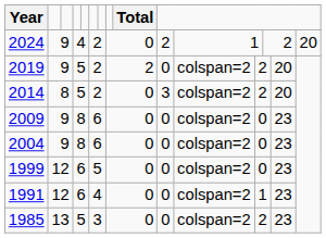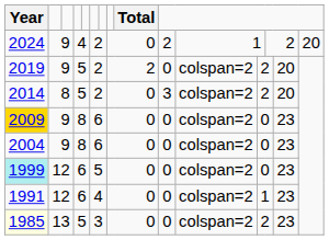 <table class="wikitable" style="text-align:right; padding-left:1em">
 <tr>
 <th align="left">Year</th>
 <td></td>
 <td></td>
 <td></td>
 <td></td>
 <td></td>
 <td></td>
 <td></td>
 <th align="left">Total</th>
 </tr>
 <tr>
 <td align=left><a href='#'>2024</a></td>
 <td colspan=2>9</td>
 <td colspan=2>4</td>
 <td colspan=2>2</td>
 <td colspan=2>0</td>
 <td colspan=2>2</td>
 <td colspan=2>1</td>
 <td colspan=2>2</td>
 <td>20</td>
 </tr>
 <tr>
 <td align=left><a href='#'>2019</a></td>
 <td colspan=2>9</td>
 <td colspan=2>5</td>
 <td colspan=2>2</td>
 <td colspan=2>2</td>
 <td colspan=2>0</td>
 <td>colspan=2 </td>
 <td colspan=2>2</td>
 <td>20</td>
 </tr>
 <tr>
 <td align=left><a href='#'>2014</a></td>
 <td colspan=2>8</td>
 <td colspan=2>5</td>
 <td colspan=2>2</td>
 <td colspan=2>0</td>
 <td colspan=2>3</td>
 <td>colspan=2 </td>
 <td colspan=2>2</td>
 <td>20</td>
 </tr>
 <tr>
-<td align=left><a href='#'>2009</a></td>
+<td align=left style="background: gold;"><a href='#'>2009</a></td>
 <td colspan=2>9</td>
 <td colspan=2>8</td>
 <td colspan=2>6</td>
 <td colspan=2>0</td>
 <td colspan=2>0</td>
 <td>colspan=2 </td>
 <td colspan=2>0</td>
 <td>23</td>
 </tr>
 <tr>
 <td align=left><a href='#'>2004</a></td>
 <td colspan=2>9</td>
 <td colspan=2>8</td>
 <td colspan=2>6</td>
 <td colspan=2>0</td>
 <td colspan=2>0</td>
 <td>colspan=2 </td>
 <td colspan=2>0</td>
 <td>23</td>
 </tr>
 <tr>
-<td align=left><a href='#'>1999</a></td>
+<td align=left style="background: paleturquoise;"><a href='#'>1999</a></td>
 <td colspan=2>12</td>
 <td colspan=2>6</td>
 <td colspan=2>5</td>
 <td colspan=2>0</td>
 <td colspan=2>0</td>
 <td>colspan=2 </td>
 <td colspan=2>0</td>
 <td>23</td>
 </tr>
 <tr>
 <td align=left><a href='#'>1991</a></td>
 <td colspan=2>12</td>
 <td colspan=2>6</td>
 <td colspan=2>4</td>
 <td colspan=2>0</td>
 <td colspan=2>0</td>
 <td>colspan=2 </td>
 <td colspan=2>1</td>
 <td>23</td>
 </tr>
 <tr>
-<td align=left><a href='#'>1985</a></td>
+<td align=left style="background: lightyellow;"><a href='#'>1985</a></td>
 <td colspan=2>13</td>
 <td colspan=2>5</td>
 <td colspan=2>3</td>
 <td colspan=2>0</td>
 <td colspan=2>0</td>
 <td>colspan=2 </td>
 <td colspan=2>2</td>
 <td>23</td>
 </tr>
 </table>
